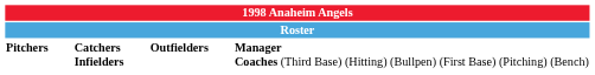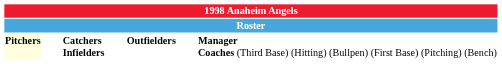 <table class="toccolours" style="font-size: 95%;">
 <tr>
 <th colspan="10" style="background-color: #ED1B2E; color: white; text-align: center;">1998 Anaheim Angels</th>
 </tr>
 <tr>
 <td colspan="10" style="background-color:#47A6DC; color: white; text-align: center;"><strong>Roster</strong></td>
 </tr>
 <tr>
-<td valign="top"><strong>Pitchers</strong><br>                  </td>
+<td valign="top" style="background: lightyellow;"><strong>Pitchers</strong><br>                  </td>
 <td width="25px"></td>
 <td valign="top"><strong>Catchers</strong><br>     <strong>Infielders</strong>            </td>
 <td width="25px"></td>
 <td valign="top"><strong>Outfielders</strong><br>        </td>
 <td width="25px"></td>
 <td valign="top"><strong>Manager</strong><br> <strong>Coaches</strong>  (Third Base)  (Hitting)  (Bullpen)  (First Base)  (Pitching)  (Bench)</td>
 </tr>
 </table>
